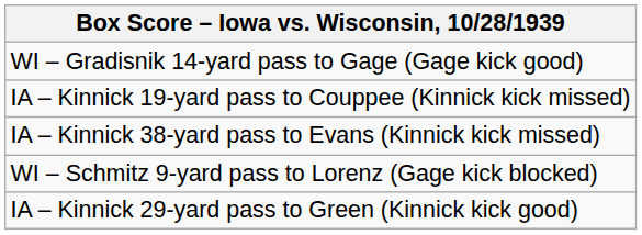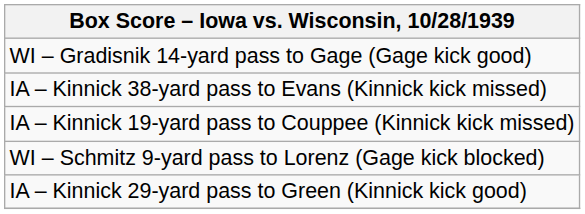 <table class="wikitable">
 <tr>
 <th>Box Score – Iowa vs. Wisconsin, 10/28/1939</th>
 </tr>
 <tr>
 <td>WI – Gradisnik 14-yard pass to Gage (Gage kick good)</td>
 </tr>
 <tr>
-<td>IA – Kinnick 19-yard pass to Couppee (Kinnick kick missed)</td>
+<td>IA – Kinnick 38-yard pass to Evans (Kinnick kick missed)</td>
 </tr>
 <tr>
-<td>IA – Kinnick 38-yard pass to Evans (Kinnick kick missed)</td>
+<td>IA – Kinnick 19-yard pass to Couppee (Kinnick kick missed)</td>
 </tr>
 <tr>
 <td>WI – Schmitz 9-yard pass to Lorenz (Gage kick blocked)</td>
 </tr>
 <tr>
 <td>IA – Kinnick 29-yard pass to Green (Kinnick kick good)</td>
 </tr>
 <tr>
 </tr>
 </table>
